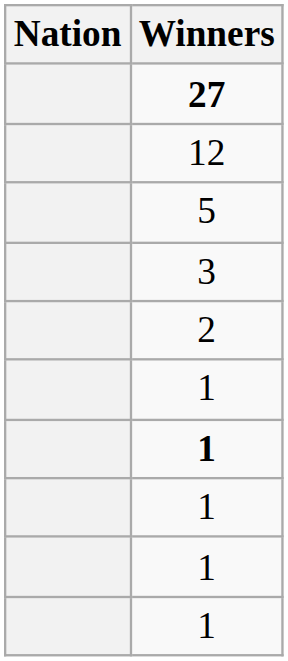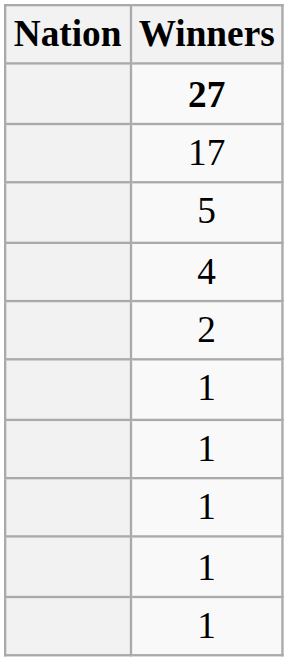 <table class="wikitable plainrowheaders sortable">
 <tr>
 <th scope="col">Nation</th>
 <th scope="col">Winners</th>
 </tr>
 <tr>
 <th scope="row"></th>
 <td align=center><strong>27</strong></td>
 </tr>
 <tr>
 <th scope="row"></th>
-<td align=center>12</td>
+<td align=center>17</td>
 </tr>
 <tr>
 <th scope="row"></th>
 <td align=center>5</td>
 </tr>
 <tr>
 <th scope="row"></th>
-<td align=center>3</td>
+<td align=center>4</td>
 </tr>
 <tr>
 <th scope="row"></th>
 <td align=center>2</td>
 </tr>
 <tr>
 <th scope="row"></th>
 <td align=center>1</td>
 </tr>
 <tr>
 <th scope="row"></th>
-<td align=center><strong>1</strong></td>
+<td align=center>1</td>
 </tr>
 <tr>
 <th scope="row"></th>
 <td align=center>1</td>
 </tr>
 <tr>
 <th scope="row"></th>
 <td align=center>1</td>
 </tr>
 <tr>
 <th scope="row"></th>
 <td align=center>1</td>
 </tr>
 </table>
